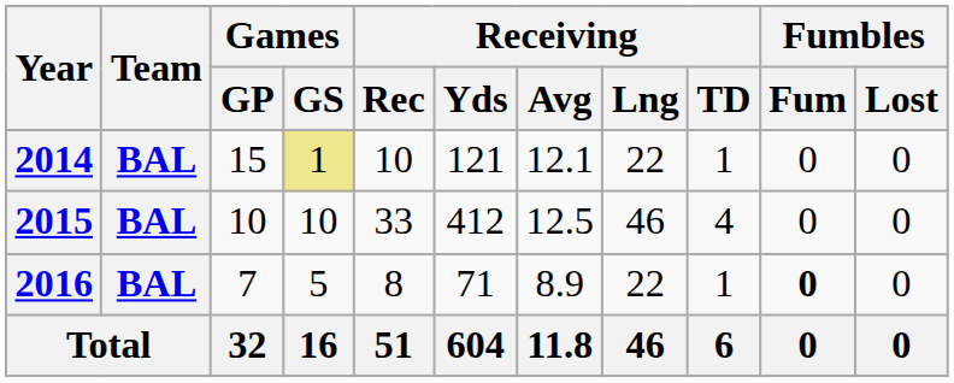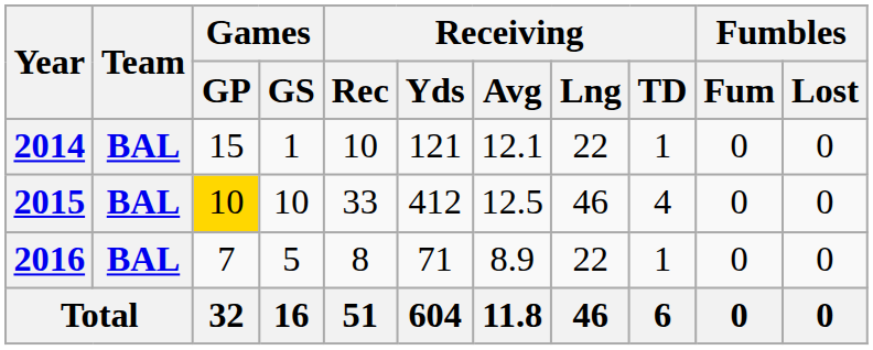 <table class=wikitable style="text-align:center;">
 <tr>
 <th rowspan="2">Year</th>
 <th rowspan="2">Team</th>
 <th colspan="2">Games</th>
 <th colspan="5">Receiving</th>
 <th colspan="2">Fumbles</th>
 </tr>
 <tr>
 <th>GP</th>
 <th>GS</th>
 <th>Rec</th>
 <th>Yds</th>
 <th>Avg</th>
 <th>Lng</th>
 <th>TD</th>
 <th>Fum</th>
 <th>Lost</th>
 </tr>
 <tr>
 <th><a href='#'>2014</a></th>
 <th><a href='#'>BAL</a></th>
 <td>15</td>
-<td style="background: khaki;">1</td>
+<td>1</td>
 <td>10</td>
 <td>121</td>
 <td>12.1</td>
 <td>22</td>
 <td>1</td>
 <td>0</td>
 <td>0</td>
 </tr>
 <tr>
 <th><a href='#'>2015</a></th>
 <th><a href='#'>BAL</a></th>
-<td>10</td>
+<td style="background: gold;">10</td>
 <td>10</td>
 <td>33</td>
 <td>412</td>
 <td>12.5</td>
 <td>46</td>
 <td>4</td>
 <td>0</td>
 <td>0</td>
 </tr>
 <tr>
 <th><a href='#'>2016</a></th>
 <th><a href='#'>BAL</a></th>
 <td>7</td>
 <td>5</td>
 <td>8</td>
 <td>71</td>
 <td>8.9</td>
 <td>22</td>
 <td>1</td>
-<td><strong>0</strong></td>
+<td>0</td>
 <td>0</td>
 </tr>
 <tr>
 <th colspan="2">Total</th>
 <th>32</th>
 <th>16</th>
 <th>51</th>
 <th>604</th>
 <th>11.8</th>
 <th>46</th>
 <th>6</th>
 <th>0</th>
 <th>0</th>
 </tr>
 </table>
